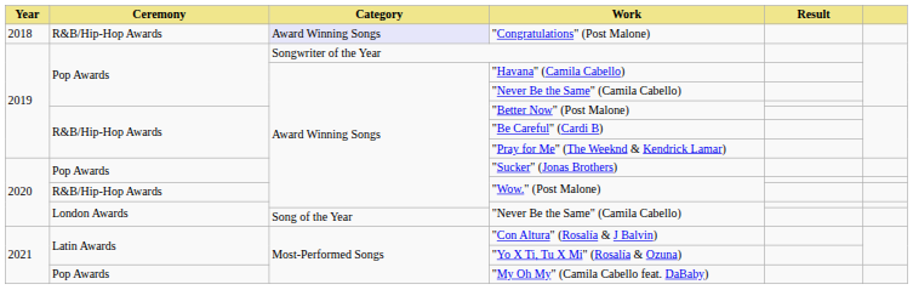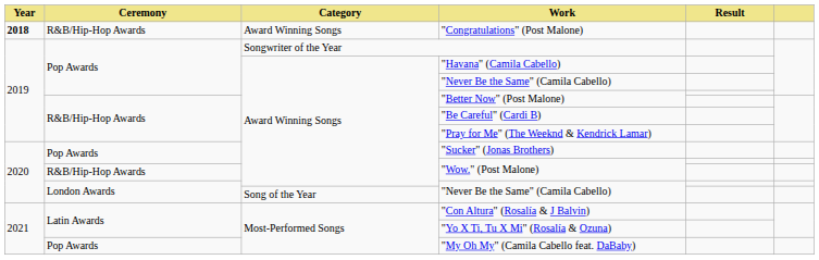 <table class="wikitable" width="95%">
 <tr>
 <th style="background:#F0E68C" width="4%">Year</th>
 <th style="background:#F0E68C" width="20%">Ceremony</th>
 <th style="background:#F0E68C" width="20%">Category</th>
 <th style="background:#F0E68C" width="25%">Work</th>
 <th style="background:#F0E68C" width="9%">Result</th>
 <th style="background:#F0E68C" width="4%"></th>
 </tr>
 <tr>
-<td>2018</td>
+<td><strong>2018</strong></td>
 <td>R&B/Hip-Hop Awards</td>
-<td style="background: lavender;">Award Winning Songs</td>
+<td>Award Winning Songs</td>
 <td>"<a href='#'>Congratulations</a>" (Post Malone)</td>
 <td></td>
 <td style="text-align:center;"></td>
 </tr>
 <tr>
 <td rowspan="7">2019</td>
 <td rowspan="4">Pop Awards</td>
 <td colspan="2">Songwriter of the Year</td>
 <td></td>
 <td rowspan="4" style="text-align:center;"></td>
 </tr>
 <tr>
 <td rowspan="10">Award Winning Songs</td>
 <td>"<a href='#'>Havana</a>" (<a href='#'>Camila Cabello</a>)</td>
 <td></td>
 </tr>
 <tr>
 <td>"<a href='#'>Never Be the Same</a>" (Camila Cabello)</td>
 <td></td>
 </tr>
 <tr>
 <td rowspan="2">"<a href='#'>Better Now</a>" (Post Malone)</td>
 <td></td>
 </tr>
 <tr>
 <td rowspan="3">R&B/Hip-Hop Awards</td>
 <td></td>
 <td rowspan="3"></td>
 </tr>
 <tr>
 <td>"<a href='#'>Be Careful</a>" (<a href='#'>Cardi B</a>)</td>
 <td></td>
 </tr>
 <tr>
 <td>"<a href='#'>Pray for Me</a>" (<a href='#'>The Weeknd</a> & <a href='#'>Kendrick Lamar</a>)</td>
 <td></td>
 </tr>
 <tr>
 <td rowspan="5">2020</td>
 <td rowspan="2">Pop Awards</td>
 <td>"<a href='#'>Sucker</a>" (<a href='#'>Jonas Brothers</a>)</td>
 <td></td>
 <td style="text-align:center;"></td>
 </tr>
 <tr>
 <td rowspan="2">"<a href='#'>Wow.</a>" (Post Malone)</td>
 <td></td>
 <td></td>
 </tr>
 <tr>
 <td>R&B/Hip-Hop Awards</td>
 <td></td>
 <td style="text-align:center;"></td>
 </tr>
 <tr>
 <td rowspan="2">London Awards</td>
 <td rowspan="2">"Never Be the Same" (Camila Cabello)</td>
 <td></td>
 <td style="text-align:center;"></td>
 </tr>
 <tr>
 <td>Song of the Year</td>
 <td></td>
 <td></td>
 </tr>
 <tr>
 <td rowspan="3">2021</td>
 <td rowspan="2">Latin Awards</td>
 <td rowspan="3">Most-Performed Songs</td>
 <td>"<a href='#'>Con Altura</a>" (<a href='#'>Rosalía</a> & <a href='#'>J Balvin</a>)</td>
 <td></td>
 <td rowspan="2" style="text-align:center;"></td>
 </tr>
 <tr>
 <td>"<a href='#'>Yo X Ti, Tu X Mi</a>" (<a href='#'>Rosalía</a> & <a href='#'>Ozuna</a>)</td>
 <td></td>
 </tr>
 <tr>
 <td>Pop Awards</td>
 <td>"<a href='#'>My Oh My</a>" (Camila Cabello feat. <a href='#'>DaBaby</a>)</td>
 <td></td>
 <td style="text-align:center;"></td>
 </tr>
 </table>
